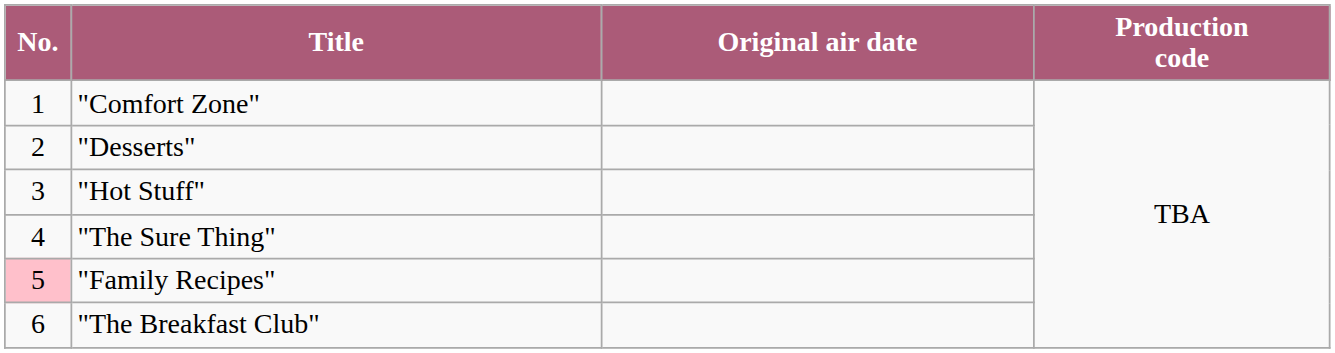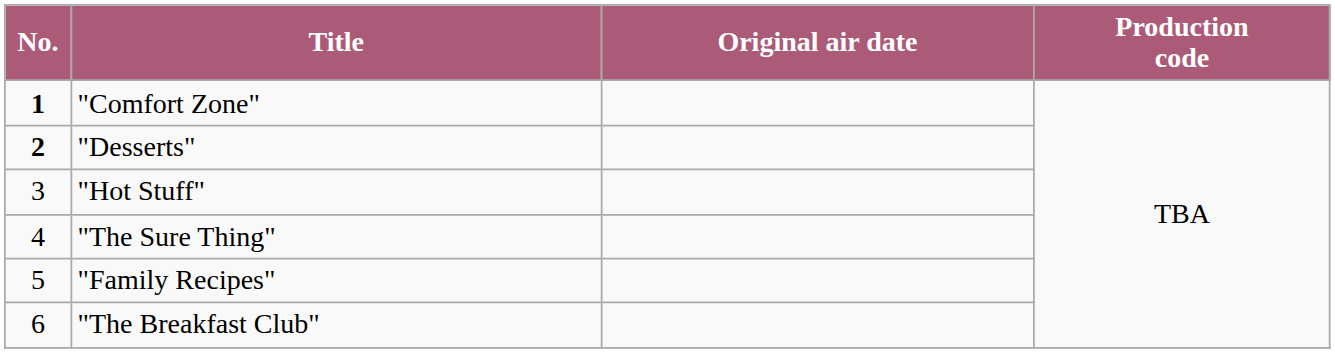 <table class="wikitable plainrowheaders" style="width:60%;">
 <tr>
 <th style="background-color: #ab5b78; color: #FFFFFF;" width=5%>No.</th>
 <th style="background-color: #ab5b78; color: #FFFFFF;" width=40%>Title</th>
 <th style="background-color: #ab5b78; color: #FFFFFF;">Original air date</th>
 <th style="background-color: #ab5b78; color: #FFFFFF;">Production<br>code</th>
 </tr>
 <tr>
-<td align=center>1</td>
+<td align=center><strong>1</strong></td>
 <td>"Comfort Zone"</td>
 <td align=center></td>
 <td align=center rowspan=6>TBA</td>
 </tr>
 <tr>
-<td align=center>2</td>
+<td align=center><strong>2</strong></td>
 <td>"Desserts"</td>
 <td align=center></td>
 </tr>
 <tr>
 <td align=center>3</td>
 <td>"Hot Stuff"</td>
 <td align=center></td>
 </tr>
 <tr>
 <td align=center>4</td>
 <td>"The Sure Thing"</td>
 <td align=center></td>
 </tr>
 <tr>
-<td align=center style="background: pink;">5</td>
+<td align=center>5</td>
 <td>"Family Recipes"</td>
 <td align=center></td>
 </tr>
 <tr>
 <td align=center>6</td>
 <td>"The Breakfast Club"</td>
 <td align=center></td>
 </tr>
 </table>
